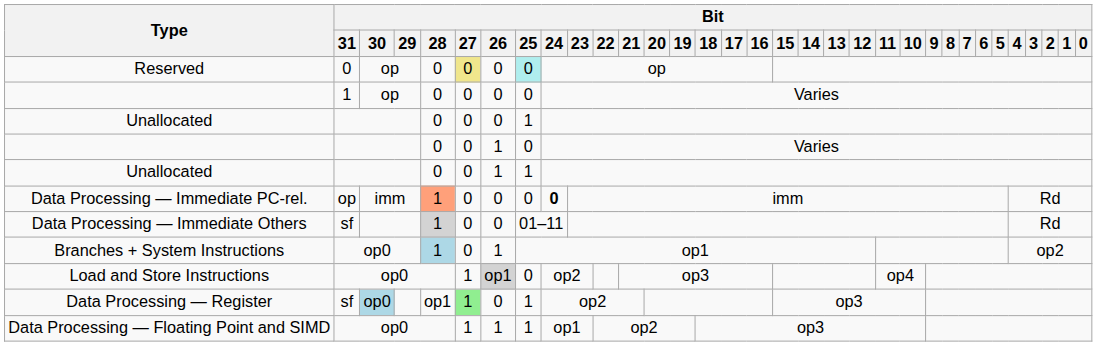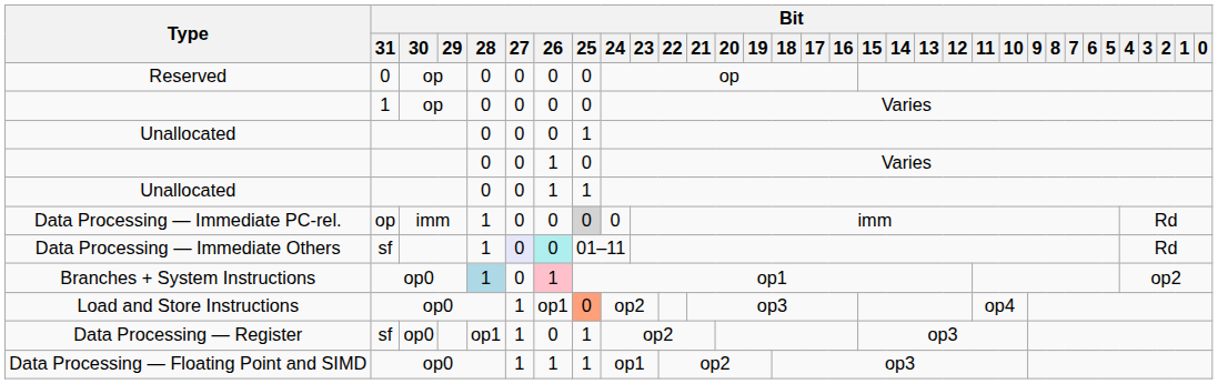 <table class="wikitable" style="text-align:center;">
 <tr>
 <th rowspan=2>Type</th>
 <th colspan=32>Bit</th>
 </tr>
 <tr>
 <th>31</th>
 <th>30</th>
 <th>29</th>
 <th>28</th>
 <th>27</th>
 <th>26</th>
 <th>25</th>
 <th>24</th>
 <th>23</th>
 <th>22</th>
 <th>21</th>
 <th>20</th>
 <th>19</th>
 <th>18</th>
 <th>17</th>
 <th>16</th>
 <th>15</th>
 <th>14</th>
 <th>13</th>
 <th>12</th>
 <th>11</th>
 <th>10</th>
 <th>9</th>
 <th>8</th>
 <th>7</th>
 <th>6</th>
 <th>5</th>
 <th>4</th>
 <th>3</th>
 <th>2</th>
 <th>1</th>
 <th>0</th>
 </tr>
 <tr>
 <td>Reserved</td>
 <td>0</td>
 <td colspan="2">op</td>
 <td>0</td>
-<td style="background: khaki;">0</td>
 <td>0</td>
-<td style="background: paleturquoise;">0</td>
+<td>0</td>
+<td>0</td>
 <td colspan="9">op</td>
 <td colspan="16"></td>
 </tr>
 <tr>
 <td></td>
 <td>1</td>
 <td colspan="2">op</td>
 <td>0</td>
 <td>0</td>
 <td>0</td>
 <td>0</td>
 <td colspan="25">Varies</td>
 </tr>
 <tr>
 <td>Unallocated</td>
 <td colspan="3"></td>
 <td>0</td>
 <td>0</td>
 <td>0</td>
 <td>1</td>
 <td colspan="25"></td>
 </tr>
 <tr>
 <td></td>
 <td colspan="3"></td>
 <td>0</td>
 <td>0</td>
 <td>1</td>
 <td>0</td>
 <td colspan="25">Varies</td>
 </tr>
 <tr>
 <td>Unallocated</td>
 <td colspan="3"></td>
 <td>0</td>
 <td>0</td>
 <td>1</td>
 <td>1</td>
 <td colspan="25"></td>
 </tr>
 <tr>
 <td>Data Processing — Immediate PC-rel.</td>
 <td>op</td>
 <td colspan="2">imm</td>
-<td style="background: lightsalmon;">1</td>
+<td>1</td>
 <td>0</td>
 <td>0</td>
+<td style="background: lightgrey;">0</td>
 <td>0</td>
-<td><strong>0</strong></td>
 <td colspan="19">imm</td>
 <td colspan="5">Rd</td>
 </tr>
 <tr>
 <td>Data Processing — Immediate Others</td>
 <td>sf</td>
 <td colspan="2"></td>
-<td style="background: lightgrey;">1</td>
-<td>0</td>
-<td>0</td>
+<td>1</td>
+<td style="background: lavender;">0</td>
+<td style="background: paleturquoise;">0</td>
 <td colspan="2">01–11</td>
 <td colspan="19"></td>
 <td colspan="5">Rd</td>
 </tr>
 <tr>
 <td>Branches + System Instructions</td>
 <td colspan="3">op0</td>
 <td style="background: lightblue;">1</td>
 <td>0</td>
-<td>1</td>
+<td style="background: pink;">1</td>
 <td colspan="14">op1</td>
 <td colspan="7"></td>
 <td colspan="5">op2</td>
 </tr>
 <tr>
 <td>Load and Store Instructions</td>
 <td colspan="4">op0</td>
 <td>1</td>
-<td style="background: lightgrey;">op1</td>
-<td>0</td>
+<td>op1</td>
+<td style="background: lightsalmon;">0</td>
 <td colspan="2">op2</td>
 <td></td>
 <td colspan="6">op3</td>
 <td colspan="4"></td>
 <td colspan="2">op4</td>
 <td colspan="10"></td>
 </tr>
 <tr>
 <td>Data Processing — Register</td>
 <td>sf</td>
-<td style="background: lightblue;">op0</td>
+<td>op0</td>
 <td></td>
 <td>op1</td>
-<td style="background: lightgreen;">1</td>
+<td>1</td>
 <td>0</td>
 <td>1</td>
 <td colspan="4">op2</td>
 <td colspan="5"></td>
 <td colspan="6">op3</td>
 <td colspan="10"></td>
 </tr>
 <tr>
 <td>Data Processing — Floating Point and SIMD</td>
 <td colspan="4">op0</td>
 <td>1</td>
 <td>1</td>
 <td>1</td>
 <td colspan="2">op1</td>
 <td colspan="4">op2</td>
 <td colspan="9">op3</td>
 <td colspan="10"></td>
 </tr>
 </table>
